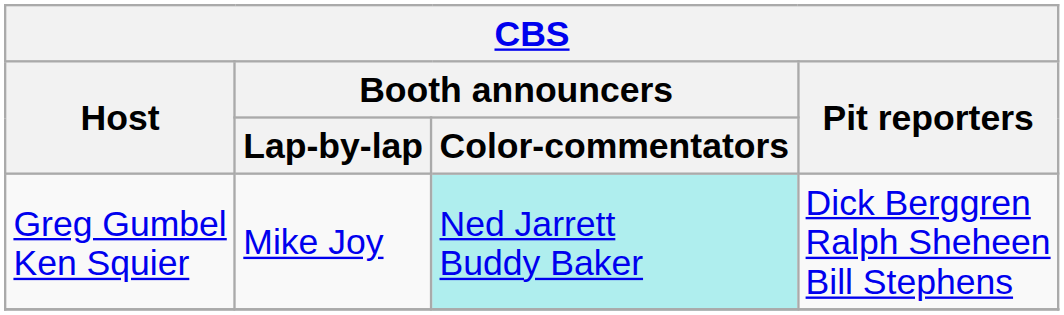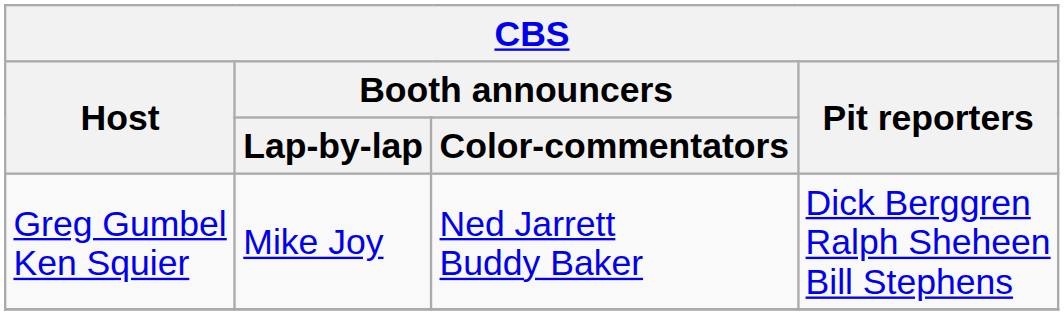 <table class="wikitable" style="font-size: 95%">
 <tr>
 <th colspan=4><a href='#'>CBS</a></th>
 </tr>
 <tr>
 <th rowspan=2>Host</th>
 <th colspan=2>Booth announcers</th>
 <th rowspan=2>Pit reporters</th>
 </tr>
 <tr>
 <th><strong>Lap-by-lap</strong></th>
 <th><strong>Color-commentators</strong></th>
 </tr>
 <tr>
 <td><a href='#'>Greg Gumbel</a> <br> <a href='#'>Ken Squier</a></td>
 <td><a href='#'>Mike Joy</a></td>
-<td style="background: paleturquoise;"><a href='#'>Ned Jarrett</a> <br> <a href='#'>Buddy Baker</a></td>
+<td><a href='#'>Ned Jarrett</a> <br> <a href='#'>Buddy Baker</a></td>
 <td><a href='#'>Dick Berggren</a> <br> <a href='#'>Ralph Sheheen</a> <br> <a href='#'>Bill Stephens</a></td>
 </tr>
 <tr>
 </tr>
 </table>
